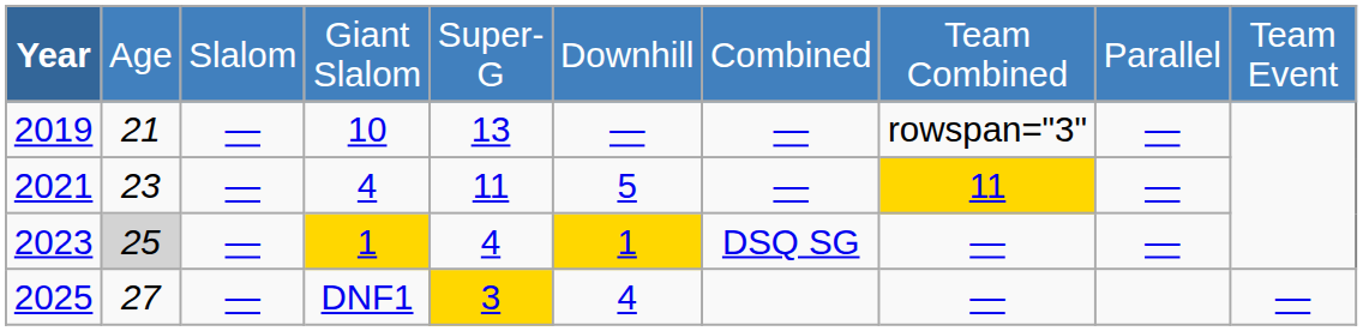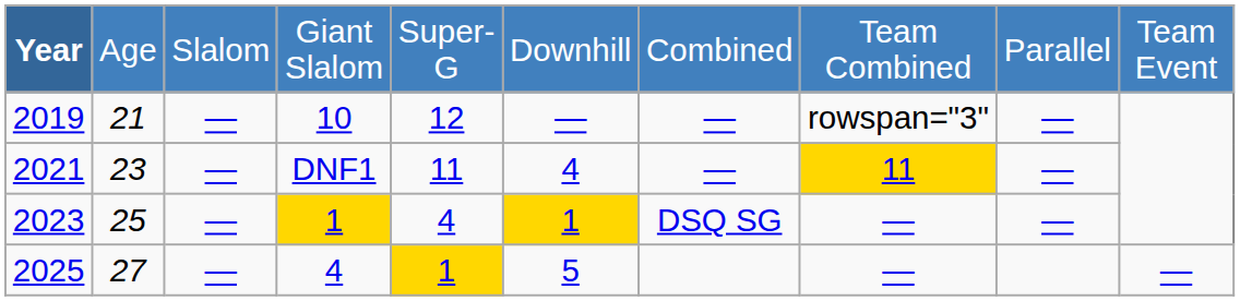 <table class="wikitable" style="font-size:95%; text-align:center; border:grey solid 1px; border-collapse:collapse;" width="45%">
 <tr style="background-color:#369; color:white;">
 <td rowspan="2" colspan="1" width="10%"><strong>Year</strong></td>
 </tr>
 <tr style="background-color:#4180be; color:white;">
 <td width="5%">Age</td>
 <td width="5%">Slalom</td>
 <td width="5%">Giant<br>Slalom</td>
 <td width="5%">Super-G</td>
 <td width="5%">Downhill</td>
 <td width="5%">Combined</td>
 <td width="5%">Team<br>Combined</td>
 <td width="5%">Parallel</td>
 <td width="5%">Team<br> Event </td>
 </tr>
 <tr style="background-color:#8CB2D8; color:white;">
 </tr>
 <tr>
 <td><a href='#'>2019</a></td>
 <td><em>21</em></td>
 <td><a href='#'>—</a></td>
 <td><a href='#'>10</a></td>
-<td><a href='#'>13</a></td>
+<td><a href='#'>12</a></td>
 <td><a href='#'>—</a></td>
 <td><a href='#'>—</a></td>
 <td>rowspan="3" </td>
 <td><a href='#'>—</a></td>
 </tr>
 <tr>
 <td><a href='#'>2021</a></td>
 <td><em>23</em></td>
 <td><a href='#'>—</a></td>
+<td><a href='#'>DNF1</a></td>
+<td><a href='#'>11</a></td>
 <td><a href='#'>4</a></td>
-<td><a href='#'>11</a></td>
-<td><a href='#'>5</a></td>
 <td><a href='#'>—</a></td>
 <td style="background: gold;"><a href='#'>11</a></td>
 <td><a href='#'>—</a></td>
 </tr>
 <tr>
 <td><a href='#'>2023</a></td>
-<td style="background: lightgrey;"><em>25</em></td>
+<td><em>25</em></td>
 <td><a href='#'>—</a></td>
 <td style="background:gold;"><a href='#'>1</a></td>
 <td><a href='#'>4</a></td>
 <td style="background:gold;"><a href='#'>1</a></td>
 <td><a href='#'>DSQ SG</a></td>
 <td><a href='#'>—</a></td>
 <td><a href='#'>—</a></td>
 </tr>
 <tr>
 <td><a href='#'>2025</a></td>
 <td><em>27</em></td>
 <td><a href='#'>—</a></td>
-<td><a href='#'>DNF1</a></td>
-<td style="background:gold;"><a href='#'>3</a></td>
 <td><a href='#'>4</a></td>
+<td style="background:gold;"><a href='#'>1</a></td>
+<td><a href='#'>5</a></td>
 <td></td>
 <td><a href='#'>—</a></td>
 <td></td>
 <td><a href='#'>—</a></td>
 </tr>
 </table>
